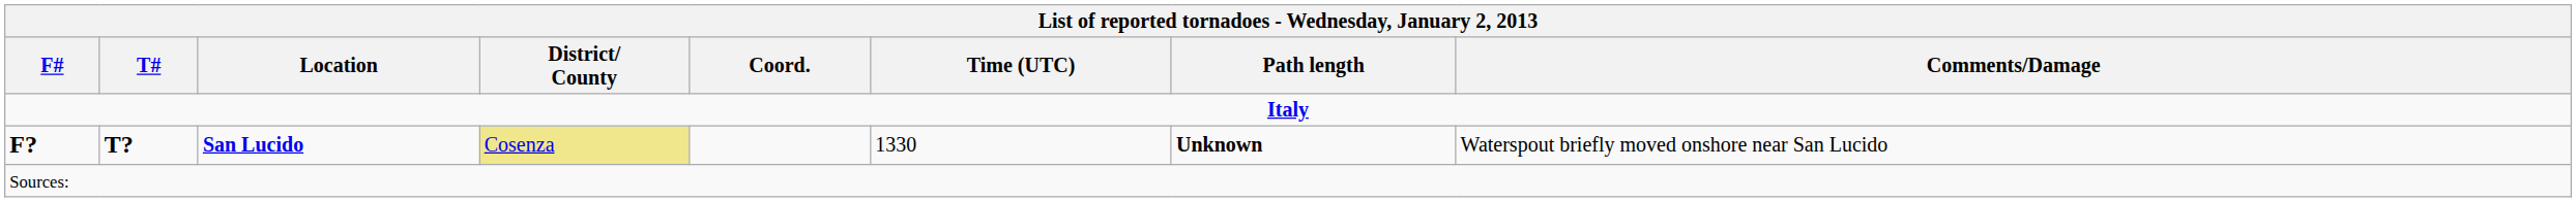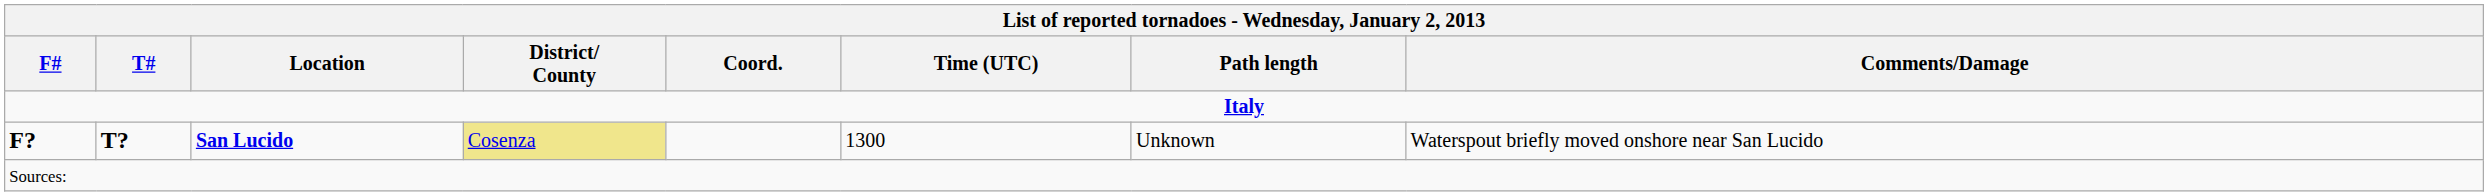 <table class="wikitable collapsible" width="100%">
 <tr>
 <th colspan="8">List of reported tornadoes - Wednesday, January 2, 2013</th>
 </tr>
 <tr>
 <th><a href='#'>F#</a></th>
 <th><a href='#'>T#</a></th>
 <th>Location</th>
 <th>District/<br>County</th>
 <th>Coord.</th>
 <th>Time (UTC)</th>
 <th>Path length</th>
 <th>Comments/Damage</th>
 </tr>
 <tr>
 <td colspan="8" align=center><strong><a href='#'>Italy</a></strong></td>
 </tr>
 <tr>
 <td><big><strong>F?</strong></big></td>
 <td><big><strong>T?</strong></big></td>
 <td><strong><a href='#'>San Lucido</a></strong></td>
 <td style="background: khaki;"><a href='#'>Cosenza</a></td>
 <td></td>
-<td>1330</td>
-<td><strong>Unknown</strong></td>
+<td>1300</td>
+<td>Unknown</td>
 <td>Waterspout briefly moved onshore near San Lucido</td>
 </tr>
 <tr>
 <td colspan="8"><small>Sources:  </small></td>
 </tr>
 </table>
